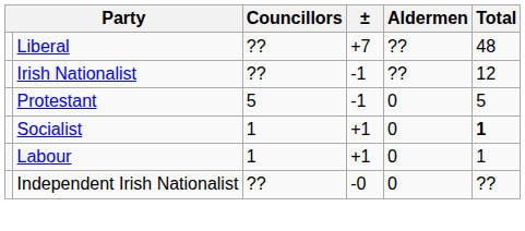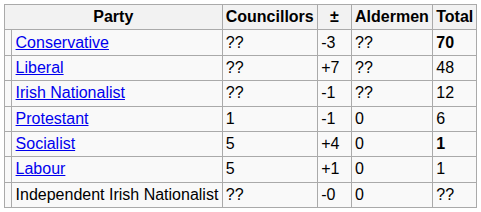 <table class="wikitable">
 <tr>
 <th colspan="2">Party</th>
 <th>Councillors</th>
 <th>  ±  </th>
 <th>Aldermen</th>
 <th>Total</th>
+</tr>
+<tr>
+<td style="background-color: "></td>
+<td><a href='#'>Conservative</a></td>
+<td>??</td>
+<td>-3</td>
+<td>??</td>
+<td><strong>70</strong></td>
 </tr>
 <tr>
 <td style="background-color: "></td>
 <td><a href='#'>Liberal</a></td>
 <td>??</td>
 <td>+7</td>
 <td>??</td>
 <td>48</td>
 </tr>
 <tr>
 <td style="background-color: "></td>
 <td><a href='#'>Irish Nationalist</a></td>
 <td>??</td>
 <td>-1</td>
 <td>??</td>
 <td>12</td>
 </tr>
 <tr>
 <td style="background-color: "></td>
 <td><a href='#'>Protestant</a></td>
-<td>5</td>
+<td>1</td>
 <td>-1</td>
 <td>0</td>
-<td>5</td>
+<td>6</td>
 </tr>
 <tr>
 <td style="background-color: "></td>
 <td><a href='#'>Socialist</a></td>
-<td>1</td>
-<td>+1</td>
+<td>5</td>
+<td>+4</td>
 <td>0</td>
 <td><strong>1</strong></td>
 </tr>
 <tr>
 <td style="background-color: "></td>
 <td><a href='#'>Labour</a></td>
-<td>1</td>
+<td>5</td>
 <td>+1</td>
 <td>0</td>
 <td>1</td>
 </tr>
 <tr>
 <td style="background-color: "></td>
 <td>Independent Irish Nationalist</td>
 <td>??</td>
 <td>-0</td>
 <td>0</td>
 <td>??</td>
 </tr>
 <tr>
 </tr>
 </table>
